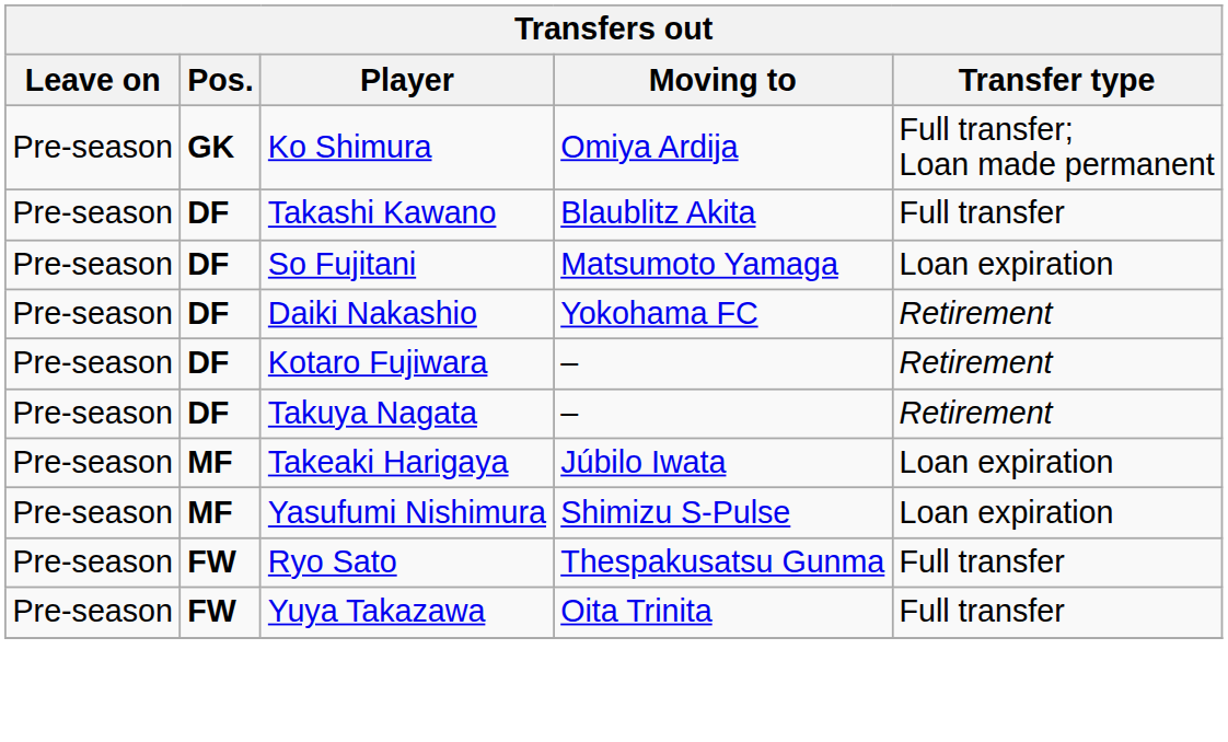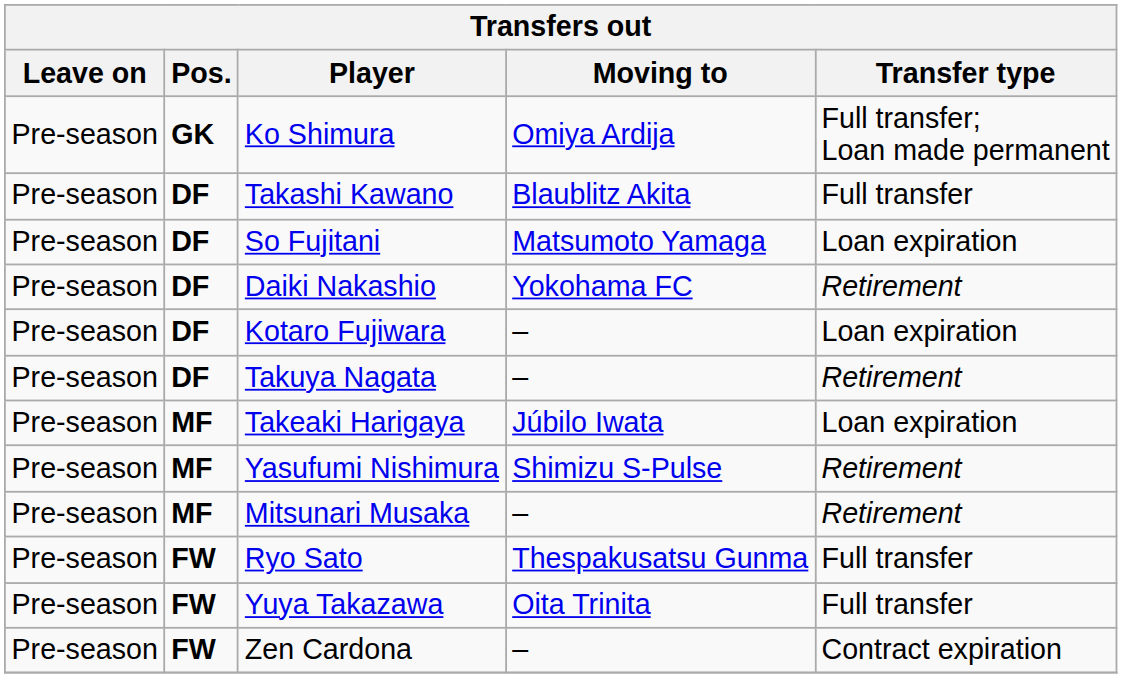 <table class="wikitable sortable" style=“text-align:left;>
 <tr>
 <th colspan="5">Transfers out</th>
 </tr>
 <tr>
 <th>Leave on</th>
 <th>Pos.</th>
 <th>Player</th>
 <th>Moving to</th>
 <th>Transfer type</th>
 </tr>
 <tr>
 <td>Pre-season</td>
 <td><strong>GK</strong></td>
 <td> <a href='#'>Ko Shimura</a></td>
 <td> <a href='#'>Omiya Ardija</a></td>
 <td>Full transfer;<br>Loan made permanent</td>
 </tr>
 <tr>
 <td>Pre-season</td>
 <td><strong>DF</strong></td>
 <td> <a href='#'>Takashi Kawano</a></td>
 <td> <a href='#'>Blaublitz Akita</a></td>
 <td>Full transfer</td>
 </tr>
 <tr>
 <td>Pre-season</td>
 <td><strong>DF</strong></td>
 <td> <a href='#'>So Fujitani</a></td>
 <td> <a href='#'>Matsumoto Yamaga</a></td>
 <td>Loan expiration</td>
 </tr>
 <tr>
 <td>Pre-season</td>
 <td><strong>DF</strong></td>
 <td> <a href='#'>Daiki Nakashio</a></td>
 <td> <a href='#'>Yokohama FC</a></td>
 <td><em>Retirement</em></td>
 </tr>
 <tr>
 <td>Pre-season</td>
 <td><strong>DF</strong></td>
 <td> <a href='#'>Kotaro Fujiwara</a></td>
 <td>–</td>
-<td><em>Retirement</em></td>
+<td>Loan expiration</td>
 </tr>
 <tr>
 <td>Pre-season</td>
 <td><strong>DF</strong></td>
 <td> <a href='#'>Takuya Nagata</a></td>
 <td>–</td>
 <td><em>Retirement</em></td>
 </tr>
 <tr>
 <td>Pre-season</td>
 <td><strong>MF</strong></td>
 <td> <a href='#'>Takeaki Harigaya</a></td>
 <td> <a href='#'>Júbilo Iwata</a></td>
 <td>Loan expiration</td>
 </tr>
 <tr>
 <td>Pre-season</td>
 <td><strong>MF</strong></td>
 <td> <a href='#'>Yasufumi Nishimura</a></td>
 <td> <a href='#'>Shimizu S-Pulse</a></td>
-<td>Loan expiration</td>
+<td><em>Retirement</em></td>
+</tr>
+<tr>
+<td>Pre-season</td>
+<td><strong>MF</strong></td>
+<td> <a href='#'>Mitsunari Musaka</a></td>
+<td>–</td>
+<td><em>Retirement</em></td>
 </tr>
 <tr>
 <td>Pre-season</td>
 <td><strong>FW</strong></td>
 <td> <a href='#'>Ryo Sato</a></td>
 <td> <a href='#'>Thespakusatsu Gunma</a></td>
 <td>Full transfer</td>
 </tr>
 <tr>
 <td>Pre-season</td>
 <td><strong>FW</strong></td>
 <td> <a href='#'>Yuya Takazawa</a></td>
 <td> <a href='#'>Oita Trinita</a></td>
 <td>Full transfer</td>
 </tr>
 <tr>
+<td>Pre-season</td>
+<td><strong>FW</strong></td>
+<td> Zen Cardona</td>
+<td>–</td>
+<td>Contract expiration</td>
+</tr>
+<tr>
 </tr>
 </table>
